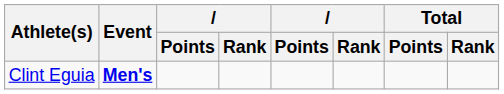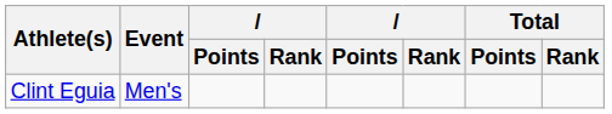 <table class="wikitable">
 <tr>
 <th rowspan="2">Athlete(s)</th>
 <th rowspan="2">Event</th>
 <th colspan="2">/</th>
 <th colspan="2">/</th>
 <th colspan="2">Total</th>
 </tr>
 <tr>
 <th>Points</th>
 <th>Rank</th>
 <th>Points</th>
 <th>Rank</th>
 <th>Points</th>
 <th>Rank</th>
 </tr>
 <tr>
 <td><a href='#'>Clint Eguia</a></td>
-<td><strong><a href='#'>Men's</a></strong></td>
+<td><a href='#'>Men's</a></td>
 <td></td>
 <td></td>
 <td></td>
 <td></td>
 <td></td>
 <td></td>
 </tr>
 </table>
